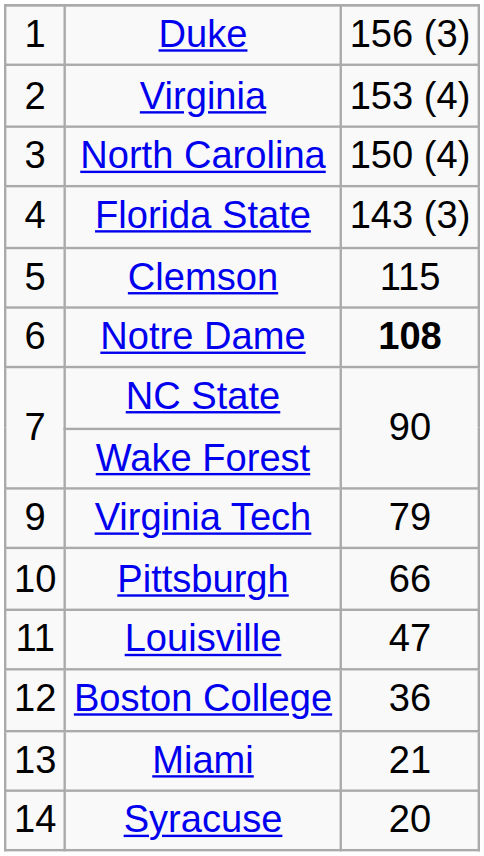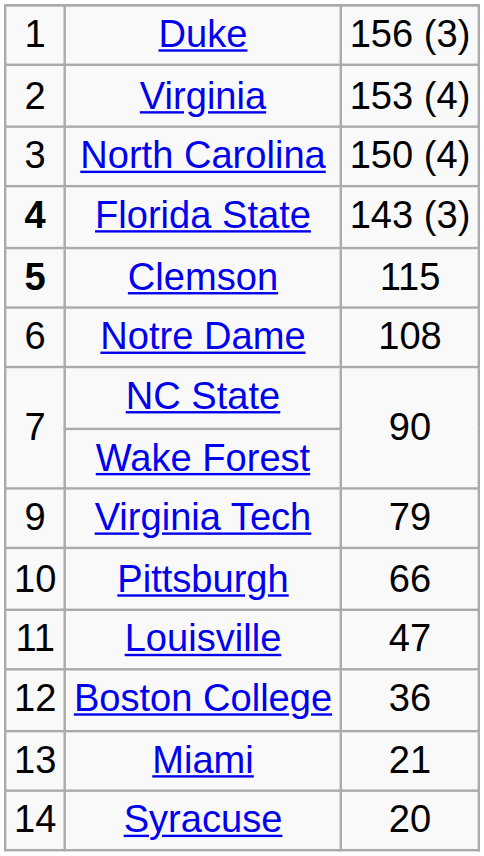 <table class="wikitable" style="display: inline-table;">
 <tr align="center">
 </tr>
 <tr align="center">
 <td>1</td>
 <td><a href='#'>Duke</a></td>
 <td>156 (3)</td>
 </tr>
 <tr align="center">
 <td>2</td>
 <td><a href='#'>Virginia</a></td>
 <td>153 (4)</td>
 </tr>
 <tr align="center">
 <td>3</td>
 <td><a href='#'>North Carolina</a></td>
 <td>150 (4)</td>
 </tr>
 <tr align="center">
-<td>4</td>
+<td><strong>4</strong></td>
 <td><a href='#'>Florida State</a></td>
 <td>143 (3)</td>
 </tr>
 <tr align="center">
-<td>5</td>
+<td><strong>5</strong></td>
 <td><a href='#'>Clemson</a></td>
 <td>115</td>
 </tr>
 <tr align="center">
 <td>6</td>
 <td><a href='#'>Notre Dame</a></td>
-<td><strong>108</strong></td>
+<td>108</td>
 </tr>
 <tr align="center">
 <td rowspan=2>7</td>
 <td><a href='#'>NC State</a></td>
 <td rowspan=2>90</td>
 </tr>
 <tr align="center">
 <td><a href='#'>Wake Forest</a></td>
 </tr>
 <tr align="center">
 <td>9</td>
 <td><a href='#'>Virginia Tech</a></td>
 <td>79</td>
 </tr>
 <tr align="center">
 <td>10</td>
 <td><a href='#'>Pittsburgh</a></td>
 <td>66</td>
 </tr>
 <tr align="center">
 <td>11</td>
 <td><a href='#'>Louisville</a></td>
 <td>47</td>
 </tr>
 <tr align="center">
 <td>12</td>
 <td><a href='#'>Boston College</a></td>
 <td>36</td>
 </tr>
 <tr align="center">
 <td>13</td>
 <td><a href='#'>Miami</a></td>
 <td>21</td>
 </tr>
 <tr align="center">
 <td>14</td>
 <td><a href='#'>Syracuse</a></td>
 <td>20</td>
 </tr>
 </table>
